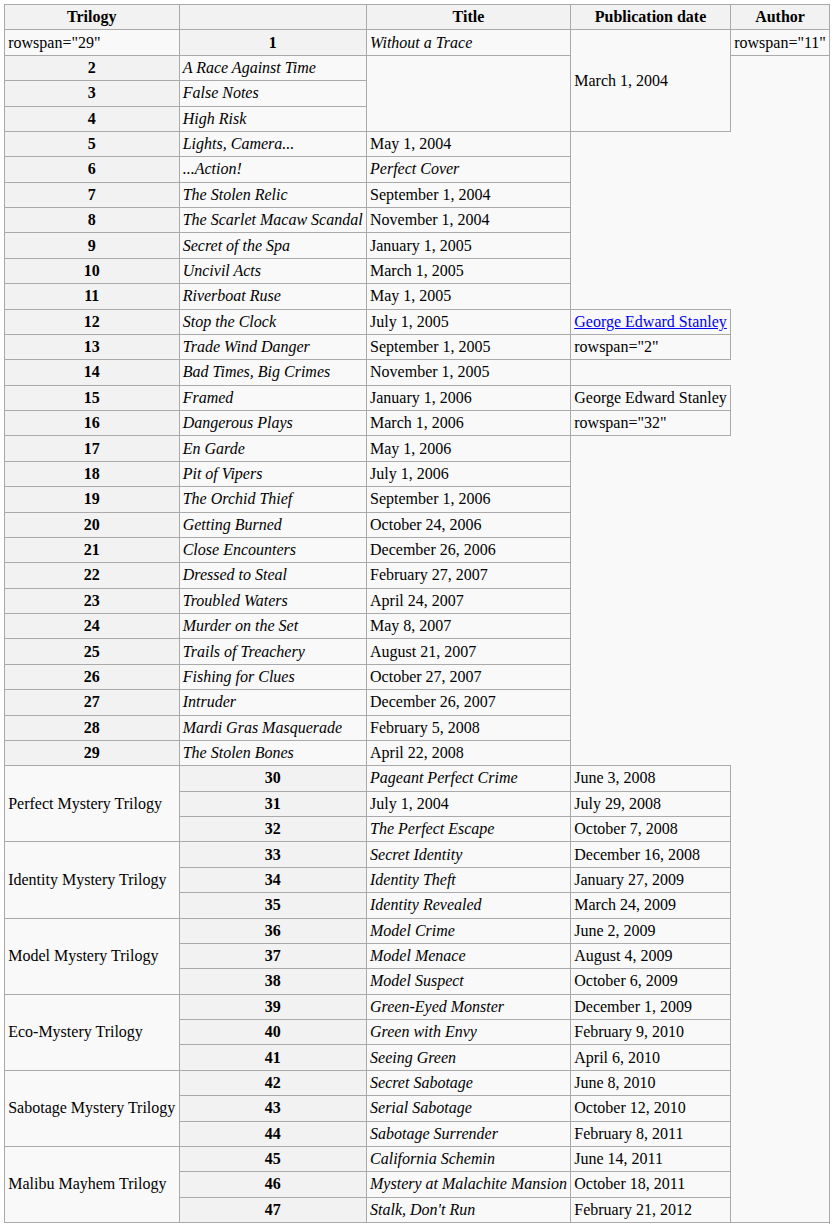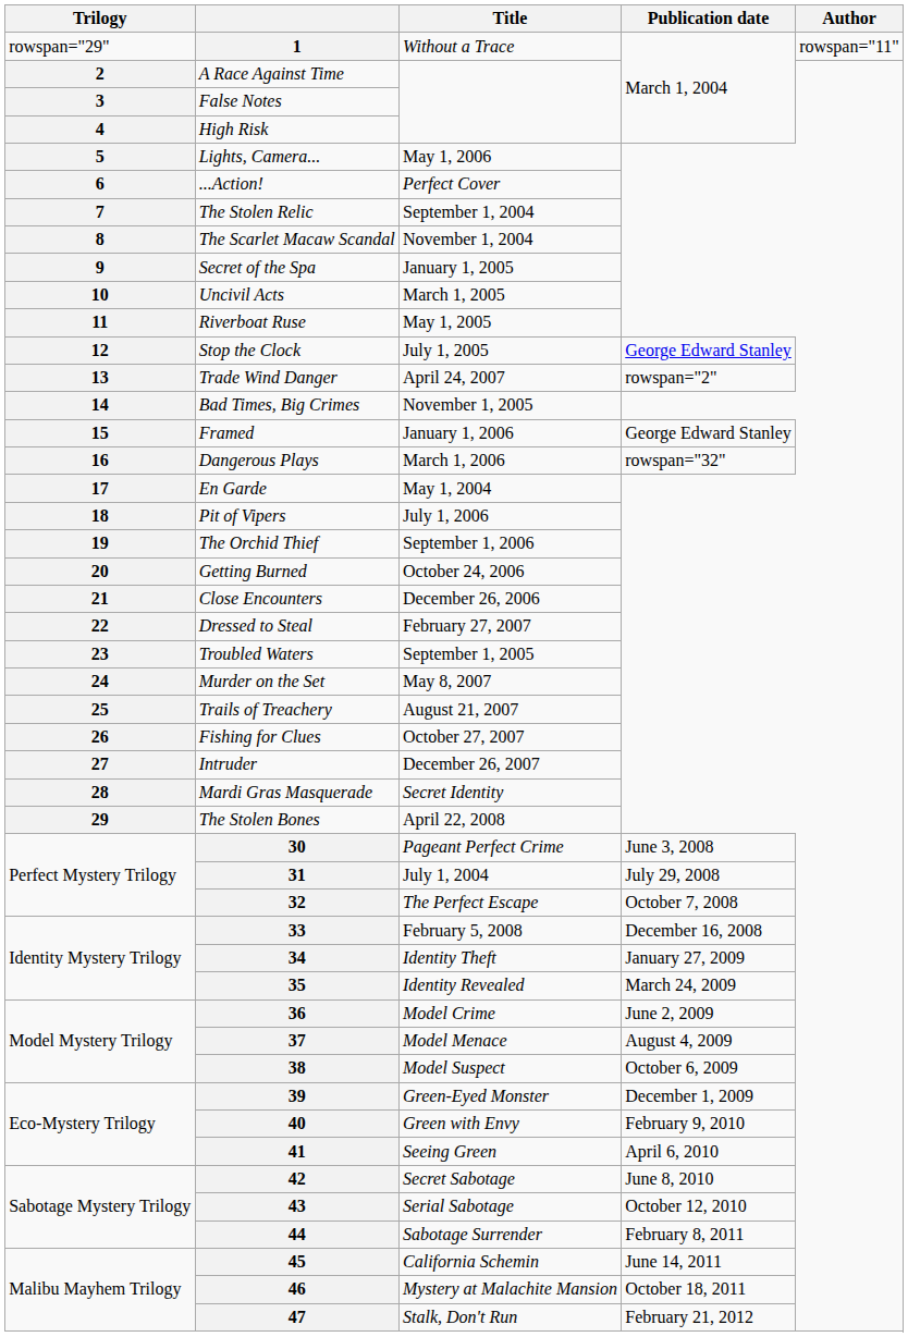 <table class="wikitable">
 <tr>
 <th>Trilogy</th>
 <th></th>
 <th>Title</th>
 <th>Publication date</th>
 <th>Author</th>
 </tr>
 <tr>
 <td>rowspan="29" </td>
 <th>1</th>
 <td><em>Without a Trace</em></td>
 <td rowspan="4">March 1, 2004</td>
 <td>rowspan="11" </td>
 </tr>
 <tr>
 <th>2</th>
 <td><em>A Race Against Time</em></td>
 </tr>
 <tr>
 <th>3</th>
 <td><em>False Notes</em></td>
 </tr>
 <tr>
 <th>4</th>
 <td><em>High Risk</em></td>
 </tr>
 <tr>
 <th>5</th>
 <td><em>Lights, Camera...</em></td>
-<td>May 1, 2004</td>
+<td>May 1, 2006</td>
 </tr>
 <tr>
 <th>6</th>
 <td><em>...Action!</em></td>
 <td><em>Perfect Cover</em></td>
 </tr>
 <tr>
 <th>7</th>
 <td><em>The Stolen Relic</em></td>
 <td>September 1, 2004</td>
 </tr>
 <tr>
 <th>8</th>
 <td><em>The Scarlet Macaw Scandal</em></td>
 <td>November 1, 2004</td>
 </tr>
 <tr>
 <th>9</th>
 <td><em>Secret of the Spa</em></td>
 <td>January 1, 2005</td>
 </tr>
 <tr>
 <th>10</th>
 <td><em>Uncivil Acts</em></td>
 <td>March 1, 2005</td>
 </tr>
 <tr>
 <th>11</th>
 <td><em>Riverboat Ruse</em></td>
 <td>May 1, 2005</td>
 </tr>
 <tr>
 <th>12</th>
 <td><em>Stop the Clock</em></td>
 <td>July 1, 2005</td>
 <td><a href='#'>George Edward Stanley</a></td>
 </tr>
 <tr>
 <th>13</th>
 <td><em>Trade Wind Danger</em></td>
-<td>September 1, 2005</td>
+<td>April 24, 2007</td>
 <td>rowspan="2" </td>
 </tr>
 <tr>
 <th>14</th>
 <td><em>Bad Times, Big Crimes</em></td>
 <td>November 1, 2005</td>
 </tr>
 <tr>
 <th>15</th>
 <td><em>Framed</em></td>
 <td>January 1, 2006</td>
 <td>George Edward Stanley</td>
 </tr>
 <tr>
 <th>16</th>
 <td><em>Dangerous Plays</em></td>
 <td>March 1, 2006</td>
 <td>rowspan="32" </td>
 </tr>
 <tr>
 <th>17</th>
 <td><em>En Garde</em></td>
-<td>May 1, 2006</td>
+<td>May 1, 2004</td>
 </tr>
 <tr>
 <th>18</th>
 <td><em>Pit of Vipers</em></td>
 <td>July 1, 2006</td>
 </tr>
 <tr>
 <th>19</th>
 <td><em>The Orchid Thief</em></td>
 <td>September 1, 2006</td>
 </tr>
 <tr>
 <th>20</th>
 <td><em>Getting Burned</em></td>
 <td>October 24, 2006</td>
 </tr>
 <tr>
 <th>21</th>
 <td><em>Close Encounters</em></td>
 <td>December 26, 2006</td>
 </tr>
 <tr>
 <th>22</th>
 <td><em>Dressed to Steal</em></td>
 <td>February 27, 2007</td>
 </tr>
 <tr>
 <th>23</th>
 <td><em>Troubled Waters</em></td>
-<td>April 24, 2007</td>
+<td>September 1, 2005</td>
 </tr>
 <tr>
 <th>24</th>
 <td><em>Murder on the Set</em></td>
 <td>May 8, 2007</td>
 </tr>
 <tr>
 <th>25</th>
 <td><em>Trails of Treachery</em></td>
 <td>August 21, 2007</td>
 </tr>
 <tr>
 <th>26</th>
 <td><em>Fishing for Clues</em></td>
 <td>October 27, 2007</td>
 </tr>
 <tr>
 <th>27</th>
 <td><em>Intruder</em></td>
 <td>December 26, 2007</td>
 </tr>
 <tr>
 <th>28</th>
 <td><em>Mardi Gras Masquerade</em></td>
-<td>February 5, 2008</td>
+<td><em>Secret Identity</em></td>
 </tr>
 <tr>
 <th>29</th>
 <td><em>The Stolen Bones</em></td>
 <td>April 22, 2008</td>
 </tr>
 <tr>
 <td rowspan="3">Perfect Mystery Trilogy</td>
 <th>30</th>
 <td><em>Pageant Perfect Crime</em></td>
 <td>June 3, 2008</td>
 </tr>
 <tr>
 <th>31</th>
 <td>July 1, 2004</td>
 <td>July 29, 2008</td>
 </tr>
 <tr>
 <th>32</th>
 <td><em>The Perfect Escape</em></td>
 <td>October 7, 2008</td>
 </tr>
 <tr>
 <td rowspan="3">Identity Mystery Trilogy</td>
 <th>33</th>
-<td><em>Secret Identity</em></td>
+<td>February 5, 2008</td>
 <td>December 16, 2008</td>
 </tr>
 <tr>
 <th>34</th>
 <td><em>Identity Theft</em></td>
 <td>January 27, 2009</td>
 </tr>
 <tr>
 <th>35</th>
 <td><em>Identity Revealed</em></td>
 <td>March 24, 2009</td>
 </tr>
 <tr>
 <td rowspan="3">Model Mystery Trilogy</td>
 <th>36</th>
 <td><em>Model Crime</em></td>
 <td>June 2, 2009</td>
 </tr>
 <tr>
 <th>37</th>
 <td><em>Model Menace</em></td>
 <td>August 4, 2009</td>
 </tr>
 <tr>
 <th>38</th>
 <td><em>Model Suspect</em></td>
 <td>October 6, 2009</td>
 </tr>
 <tr>
 <td rowspan="3">Eco-Mystery Trilogy</td>
 <th>39</th>
 <td><em>Green-Eyed Monster</em></td>
 <td>December 1, 2009</td>
 </tr>
 <tr>
 <th>40</th>
 <td><em>Green with Envy</em></td>
 <td>February 9, 2010</td>
 </tr>
 <tr>
 <th>41</th>
 <td><em>Seeing Green</em></td>
 <td>April 6, 2010</td>
 </tr>
 <tr>
 <td rowspan="3">Sabotage Mystery Trilogy</td>
 <th>42</th>
 <td><em>Secret Sabotage</em></td>
 <td>June 8, 2010</td>
 </tr>
 <tr>
 <th>43</th>
 <td><em>Serial Sabotage</em></td>
 <td>October 12, 2010</td>
 </tr>
 <tr>
 <th>44</th>
 <td><em>Sabotage Surrender</em></td>
 <td>February 8, 2011</td>
 </tr>
 <tr>
 <td rowspan="3">Malibu Mayhem Trilogy</td>
 <th>45</th>
 <td><em>California Schemin</em></td>
 <td>June 14, 2011</td>
 </tr>
 <tr>
 <th>46</th>
 <td><em>Mystery at Malachite Mansion</em></td>
 <td>October 18, 2011</td>
 </tr>
 <tr>
 <th>47</th>
 <td><em>Stalk, Don't Run</em></td>
 <td>February 21, 2012</td>
 </tr>
 <tr>
 </tr>
 </table>
